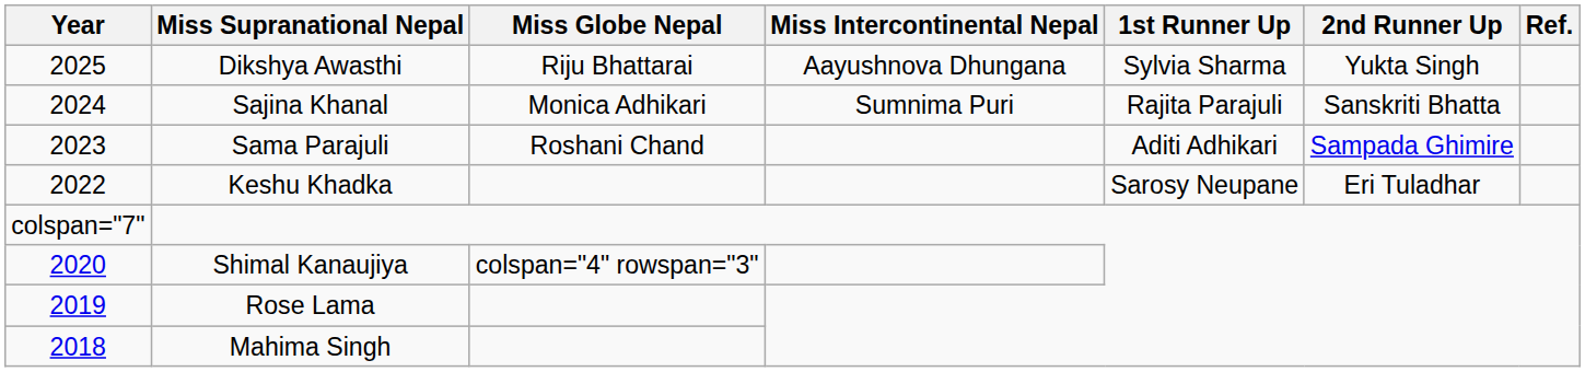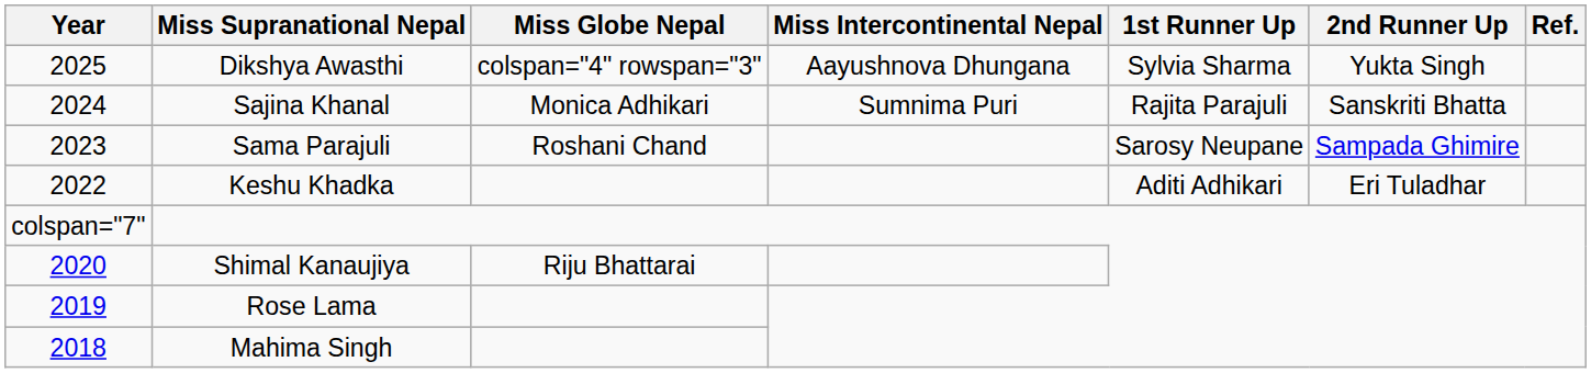 <table class="wikitable" style="font-size: 95%; text-align:center">
 <tr>
 <th>Year</th>
 <th>Miss Supranational Nepal</th>
 <th>Miss Globe Nepal</th>
 <th>Miss Intercontinental Nepal</th>
 <th>1st Runner Up</th>
 <th>2nd Runner Up</th>
 <th>Ref.</th>
 </tr>
 <tr>
 <td>2025</td>
 <td>Dikshya Awasthi</td>
-<td>Riju Bhattarai</td>
+<td>colspan="4" rowspan="3" </td>
 <td>Aayushnova Dhungana</td>
 <td>Sylvia Sharma</td>
 <td>Yukta Singh</td>
 <td></td>
 </tr>
 <tr>
 <td>2024</td>
 <td>Sajina Khanal</td>
 <td>Monica Adhikari</td>
 <td>Sumnima Puri</td>
 <td>Rajita Parajuli</td>
 <td>Sanskriti Bhatta</td>
 <td></td>
 </tr>
 <tr>
 <td>2023</td>
 <td>Sama Parajuli</td>
 <td>Roshani Chand</td>
 <td></td>
-<td>Aditi Adhikari</td>
+<td>Sarosy Neupane</td>
 <td><a href='#'>Sampada Ghimire</a></td>
 <td></td>
 </tr>
 <tr>
 <td>2022</td>
 <td>Keshu Khadka</td>
 <td></td>
 <td></td>
-<td>Sarosy Neupane</td>
+<td>Aditi Adhikari</td>
 <td>Eri Tuladhar</td>
 <td></td>
 </tr>
 <tr>
 <td>colspan="7" </td>
 </tr>
 <tr>
 <td><a href='#'>2020</a></td>
 <td>Shimal Kanaujiya</td>
-<td>colspan="4" rowspan="3" </td>
+<td>Riju Bhattarai</td>
 <td></td>
 </tr>
 <tr>
 <td><a href='#'>2019</a></td>
 <td>Rose Lama</td>
 <td></td>
 </tr>
 <tr>
 <td><a href='#'>2018</a></td>
 <td>Mahima Singh</td>
 <td></td>
 </tr>
 </table>
